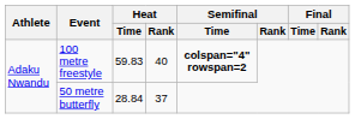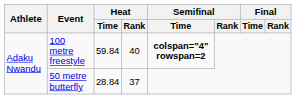 <table class="wikitable" style="text-align:center; font-size:90%; width:50%;">
 <tr>
 <th rowspan="2">Athlete</th>
 <th rowspan="2">Event</th>
 <th colspan="2">Heat</th>
 <th colspan="2">Semifinal</th>
 <th colspan="2">Final</th>
 </tr>
 <tr style="font-size:95%">
 <th>Time</th>
 <th>Rank</th>
 <th>Time</th>
 <th>Rank</th>
 <th>Time</th>
 <th>Rank</th>
 </tr>
 <tr>
 <td align=left rowspan=2><a href='#'>Adaku Nwandu</a></td>
 <td align=left><a href='#'>100 metre freestyle</a></td>
-<td>59.83</td>
+<td>59.84</td>
 <td>40</td>
 <td><strong>colspan="4" rowspan=2</strong></td>
 </tr>
 <tr>
 <td align=left><a href='#'>50 metre butterfly</a></td>
 <td>28.84</td>
 <td>37</td>
 </tr>
 </table>
